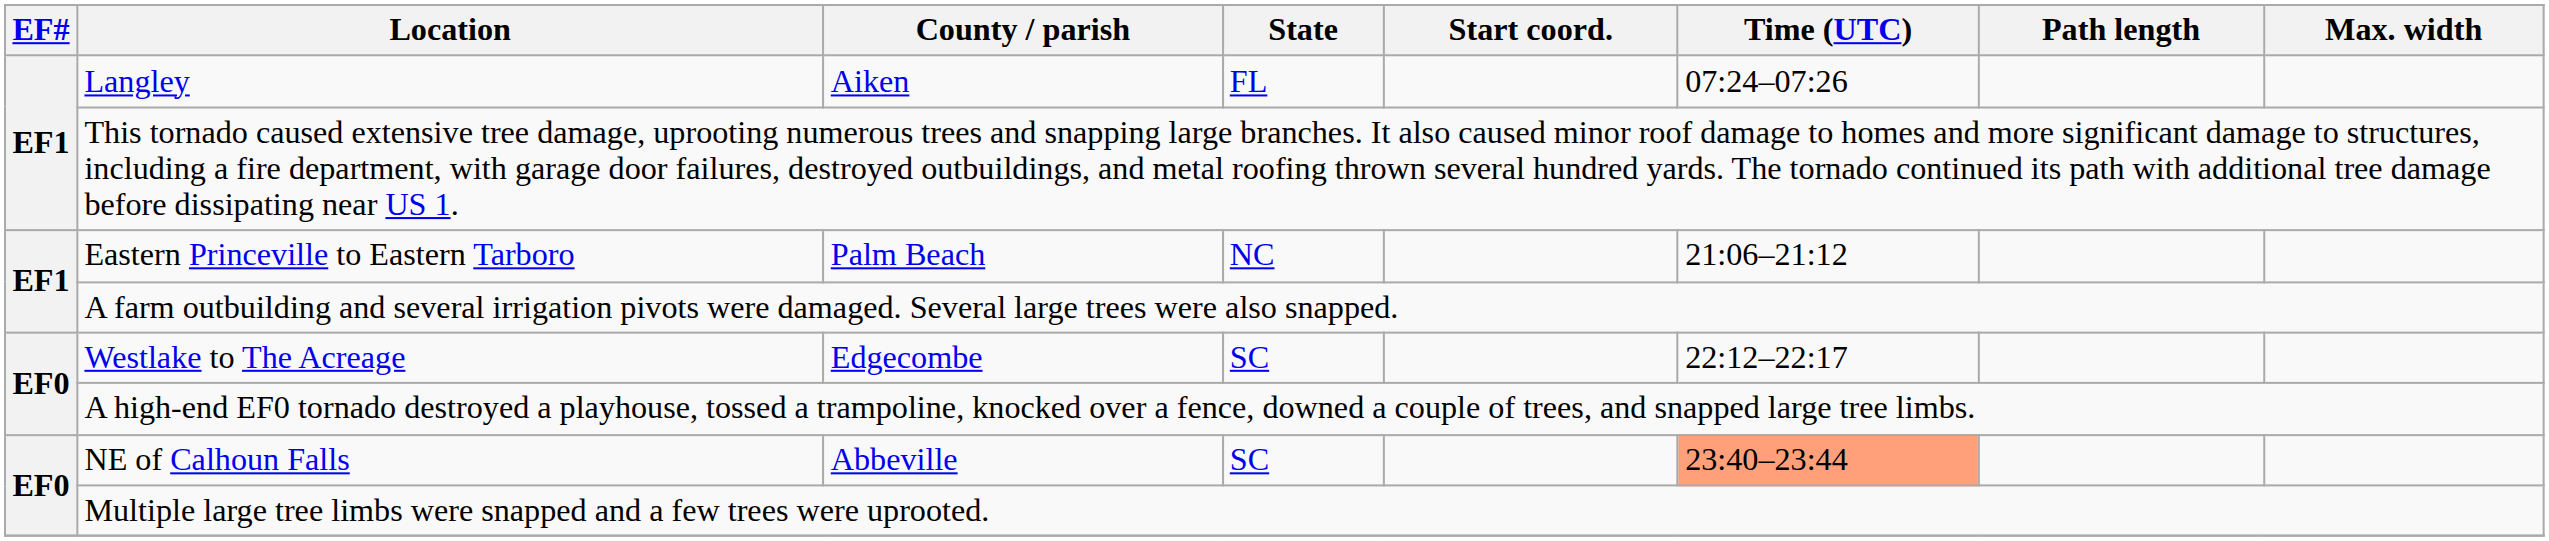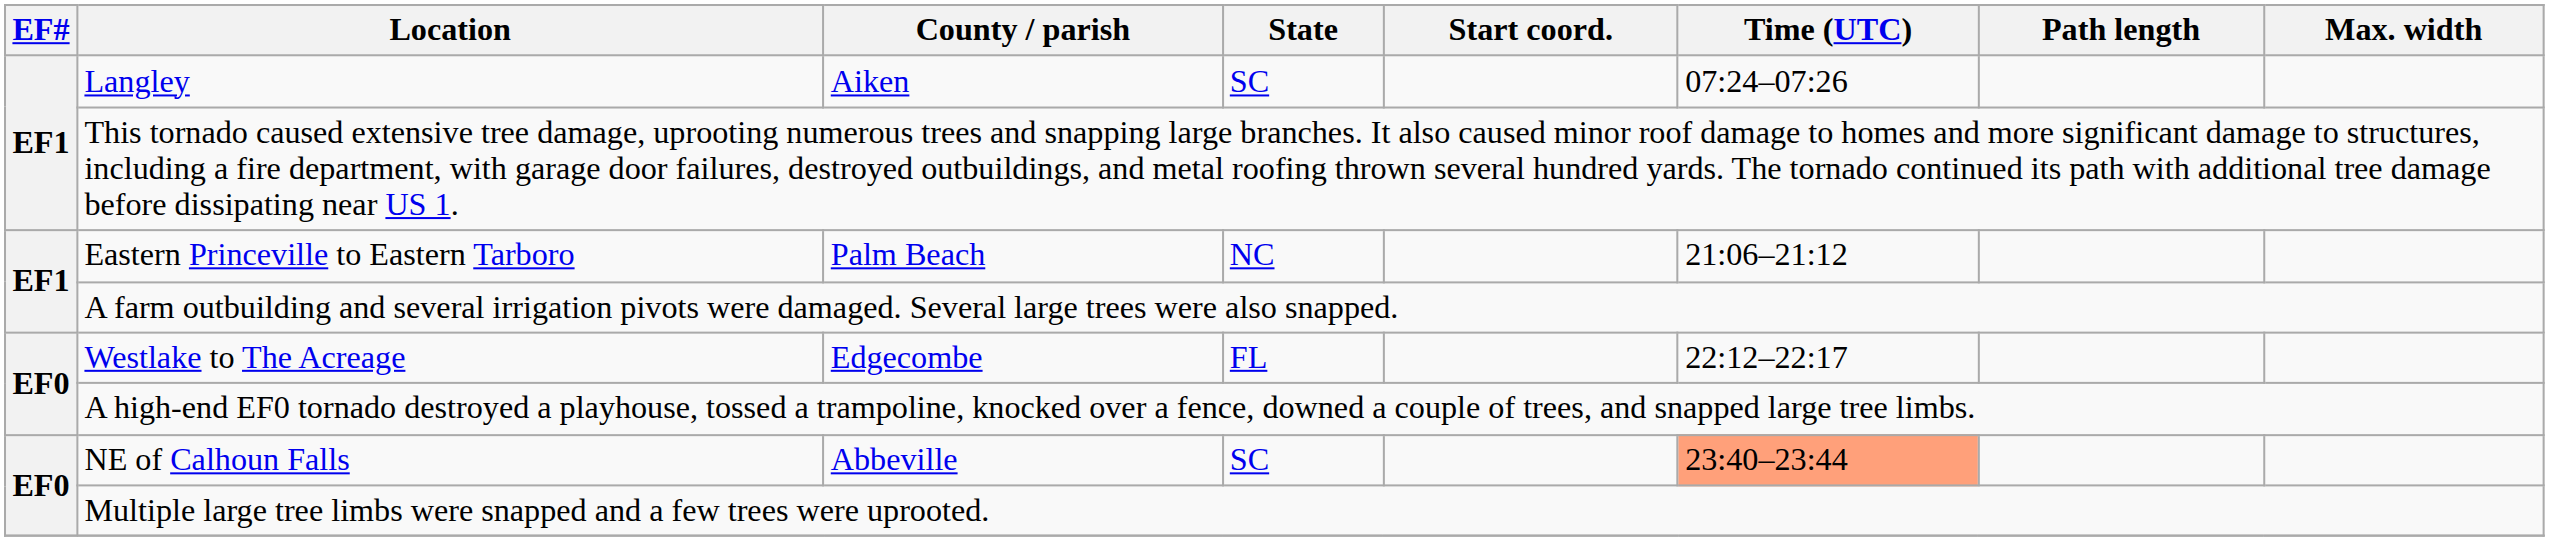 <table class="wikitable sortable" style="width:100%;">
 <tr>
 <th scope="col" width="2%" align="center"><a href='#'>EF#</a></th>
 <th scope="col" align="center" class="unsortable">Location</th>
 <th scope="col" align="center" class="unsortable">County / parish</th>
 <th scope="col" align="center">State</th>
 <th scope="col" align="center">Start coord.</th>
 <th scope="col" align="center">Time (<a href='#'>UTC</a>)</th>
 <th scope="col" align="center">Path length</th>
 <th scope="col" align="center">Max. width</th>
 </tr>
 <tr>
 <th scope="row" rowspan="2" style="background-color:#">EF1</th>
 <td><a href='#'>Langley</a></td>
 <td><a href='#'>Aiken</a></td>
-<td><a href='#'>FL</a></td>
+<td><a href='#'>SC</a></td>
 <td></td>
 <td>07:24–07:26</td>
 <td></td>
 <td></td>
 </tr>
 <tr class="expand-child">
 <td colspan="8" border-bottom: 1px solid black;>This tornado caused extensive tree damage, uprooting numerous trees and snapping large branches. It also caused minor roof damage to homes and more significant damage to structures, including a fire department, with garage door failures, destroyed outbuildings, and metal roofing thrown several hundred yards. The tornado continued its path with additional tree damage before dissipating near <a href='#'>US 1</a>.</td>
 </tr>
 <tr>
 <th scope="row" rowspan="2" style="background-color:#">EF1</th>
 <td>Eastern <a href='#'>Princeville</a> to Eastern <a href='#'>Tarboro</a></td>
 <td><a href='#'>Palm Beach</a></td>
 <td><a href='#'>NC</a></td>
 <td></td>
 <td>21:06–21:12</td>
 <td></td>
 <td></td>
 </tr>
 <tr class="expand-child">
 <td colspan="8" border-bottom: 1px solid black;>A farm outbuilding and several irrigation pivots were damaged. Several large trees were also snapped.</td>
 </tr>
 <tr>
 <th scope="row" rowspan="2" style="background-color:#">EF0</th>
 <td><a href='#'>Westlake</a> to <a href='#'>The Acreage</a></td>
 <td><a href='#'>Edgecombe</a></td>
-<td><a href='#'>SC</a></td>
+<td><a href='#'>FL</a></td>
 <td></td>
 <td>22:12–22:17</td>
 <td></td>
 <td></td>
 </tr>
 <tr class="expand-child">
 <td colspan="8" border-bottom: 1px solid black;>A high-end EF0 tornado destroyed a playhouse, tossed a trampoline, knocked over a fence, downed a couple of trees, and snapped large tree limbs.</td>
 </tr>
 <tr>
 <th scope="row" rowspan="2" style="background-color:#">EF0</th>
 <td>NE of <a href='#'>Calhoun Falls</a></td>
 <td><a href='#'>Abbeville</a></td>
 <td><a href='#'>SC</a></td>
 <td></td>
 <td style="background: lightsalmon;">23:40–23:44</td>
 <td></td>
 <td></td>
 </tr>
 <tr class="expand-child">
 <td colspan="8" border-bottom: 1px solid black;>Multiple large tree limbs were snapped and a few trees were uprooted.</td>
 </tr>
 <tr>
 </tr>
 </table>
